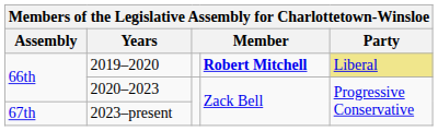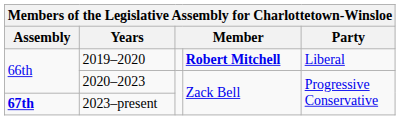 <table class="wikitable" align=centre>
 <tr>
 <th colspan=5>Members of the Legislative Assembly for Charlottetown-Winsloe</th>
 </tr>
 <tr>
 <th>Assembly</th>
 <th>Years</th>
 <th colspan="2">Member</th>
 <th>Party</th>
 </tr>
 <tr>
 <td rowspan="2"><a href='#'>66th</a></td>
 <td>2019–2020</td>
 <td></td>
 <td><strong><a href='#'>Robert Mitchell</a></strong></td>
-<td style="background: khaki;"><a href='#'>Liberal</a></td>
+<td><a href='#'>Liberal</a></td>
 </tr>
 <tr>
 <td>2020–2023</td>
 <td rowspan=2 ></td>
 <td rowspan=2><a href='#'>Zack Bell</a></td>
 <td rowspan=2><a href='#'>Progressive <br> Conservative</a></td>
 </tr>
 <tr>
-<td><a href='#'>67th</a></td>
+<td><strong><a href='#'>67th</a></strong></td>
 <td>2023–present</td>
 </tr>
 </table>
